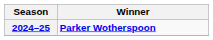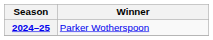 <table class="wikitable">
 <tr>
 <th scope="col" style="width:5em">Season</th>
 <th scope="col" style="width:15em">Winner</th>
 </tr>
 <tr>
 <th scope="row"><a href='#'>2024–25</a></th>
-<td><strong><a href='#'>Parker Wotherspoon</a></strong></td>
+<td><a href='#'>Parker Wotherspoon</a></td>
 </tr>
 <tr>
 </tr>
 </table>
